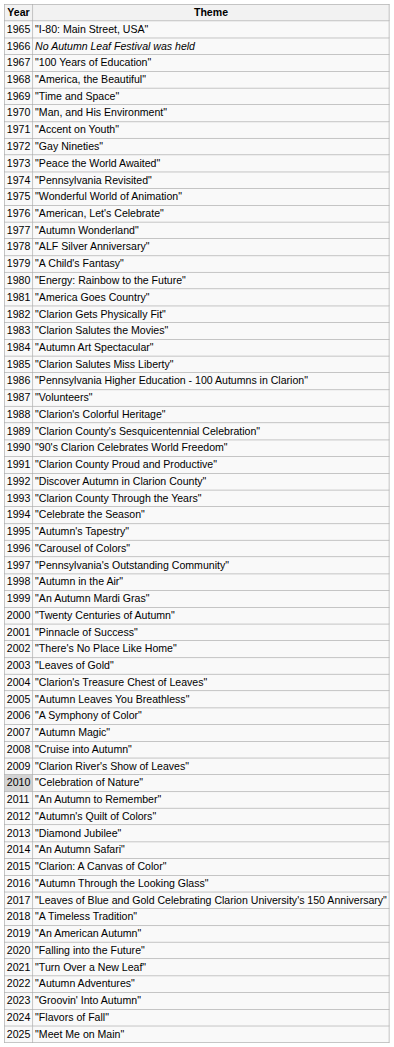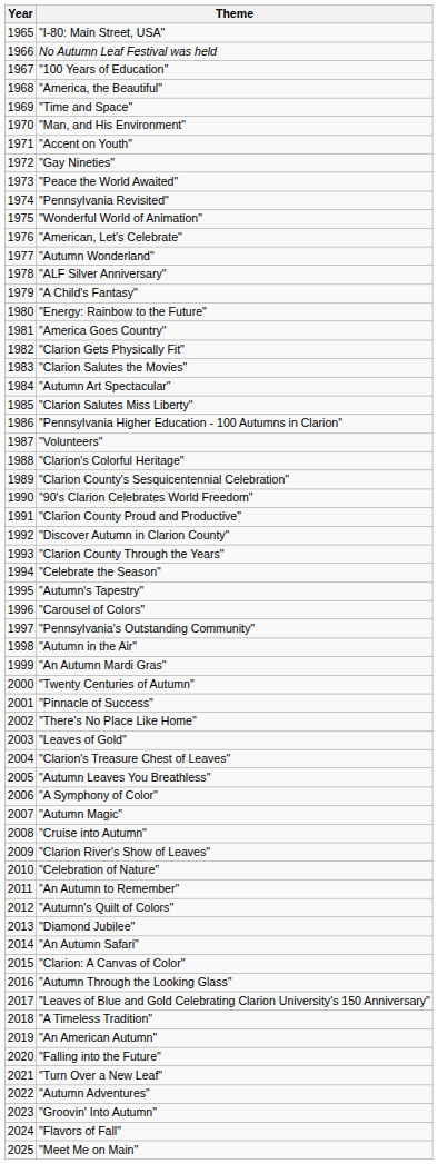 <table class="wikitable mw-collapsible mw-collapsed">
 <tr>
 <th>Year</th>
 <th>Theme</th>
 </tr>
 <tr>
 <td>1965</td>
 <td>"I-80: Main Street, USA"</td>
 </tr>
 <tr>
 <td>1966</td>
 <td><em>No Autumn Leaf Festival was held</em></td>
 </tr>
 <tr>
 <td>1967</td>
 <td>"100 Years of Education"</td>
 </tr>
 <tr>
 <td>1968</td>
 <td>"America, the Beautiful"</td>
 </tr>
 <tr>
 <td>1969</td>
 <td>"Time and Space"</td>
 </tr>
 <tr>
 <td>1970</td>
 <td>"Man, and His Environment"</td>
 </tr>
 <tr>
 <td>1971</td>
 <td>"Accent on Youth"</td>
 </tr>
 <tr>
 <td>1972</td>
 <td>"Gay Nineties"</td>
 </tr>
 <tr>
 <td>1973</td>
 <td>"Peace the World Awaited"</td>
 </tr>
 <tr>
 <td>1974</td>
 <td>"Pennsylvania Revisited"</td>
 </tr>
 <tr>
 <td>1975</td>
 <td>"Wonderful World of Animation"</td>
 </tr>
 <tr>
 <td>1976</td>
 <td>"American, Let's Celebrate"</td>
 </tr>
 <tr>
 <td>1977</td>
 <td>"Autumn Wonderland"</td>
 </tr>
 <tr>
 <td>1978</td>
 <td>"ALF Silver Anniversary"</td>
 </tr>
 <tr>
 <td>1979</td>
 <td>"A Child's Fantasy"</td>
 </tr>
 <tr>
 <td>1980</td>
 <td>"Energy: Rainbow to the Future"</td>
 </tr>
 <tr>
 <td>1981</td>
 <td>"America Goes Country"</td>
 </tr>
 <tr>
 <td>1982</td>
 <td>"Clarion Gets Physically Fit"</td>
 </tr>
 <tr>
 <td>1983</td>
 <td>"Clarion Salutes the Movies"</td>
 </tr>
 <tr>
 <td>1984</td>
 <td>"Autumn Art Spectacular"</td>
 </tr>
 <tr>
 <td>1985</td>
 <td>"Clarion Salutes Miss Liberty"</td>
 </tr>
 <tr>
 <td>1986</td>
 <td>"Pennsylvania Higher Education - 100 Autumns in Clarion"</td>
 </tr>
 <tr>
 <td>1987</td>
 <td>"Volunteers"</td>
 </tr>
 <tr>
 <td>1988</td>
 <td>"Clarion's Colorful Heritage"</td>
 </tr>
 <tr>
 <td>1989</td>
 <td>"Clarion County's Sesquicentennial Celebration"</td>
 </tr>
 <tr>
 <td>1990</td>
 <td>"90's Clarion Celebrates World Freedom"</td>
 </tr>
 <tr>
 <td>1991</td>
 <td>"Clarion County Proud and Productive"</td>
 </tr>
 <tr>
 <td>1992</td>
 <td>"Discover Autumn in Clarion County"</td>
 </tr>
 <tr>
 <td>1993</td>
 <td>"Clarion County Through the Years"</td>
 </tr>
 <tr>
 <td>1994</td>
 <td>"Celebrate the Season"</td>
 </tr>
 <tr>
 <td>1995</td>
 <td>"Autumn's Tapestry"</td>
 </tr>
 <tr>
 <td>1996</td>
 <td>"Carousel of Colors"</td>
 </tr>
 <tr>
 <td>1997</td>
 <td>"Pennsylvania's Outstanding Community"</td>
 </tr>
 <tr>
 <td>1998</td>
 <td>"Autumn in the Air"</td>
 </tr>
 <tr>
 <td>1999</td>
 <td>"An Autumn Mardi Gras"</td>
 </tr>
 <tr>
 <td>2000</td>
 <td>"Twenty Centuries of Autumn"</td>
 </tr>
 <tr>
 <td>2001</td>
 <td>"Pinnacle of Success"</td>
 </tr>
 <tr>
 <td>2002</td>
 <td>"There's No Place Like Home"</td>
 </tr>
 <tr>
 <td>2003</td>
 <td>"Leaves of Gold"</td>
 </tr>
 <tr>
 <td>2004</td>
 <td>"Clarion's Treasure Chest of Leaves"</td>
 </tr>
 <tr>
 <td>2005</td>
 <td>"Autumn Leaves You Breathless"</td>
 </tr>
 <tr>
 <td>2006</td>
 <td>"A Symphony of Color"</td>
 </tr>
 <tr>
 <td>2007</td>
 <td>"Autumn Magic"</td>
 </tr>
 <tr>
 <td>2008</td>
 <td>"Cruise into Autumn"</td>
 </tr>
 <tr>
 <td>2009</td>
 <td>"Clarion River's Show of Leaves"</td>
 </tr>
 <tr>
-<td style="background: lightgrey;">2010</td>
+<td>2010</td>
 <td>"Celebration of Nature"</td>
 </tr>
 <tr>
 <td>2011</td>
 <td>"An Autumn to Remember"</td>
 </tr>
 <tr>
 <td>2012</td>
 <td>"Autumn's Quilt of Colors"</td>
 </tr>
 <tr>
 <td>2013</td>
 <td>"Diamond Jubilee"</td>
 </tr>
 <tr>
 <td>2014</td>
 <td>"An Autumn Safari"</td>
 </tr>
 <tr>
 <td>2015</td>
 <td>"Clarion: A Canvas of Color"</td>
 </tr>
 <tr>
 <td>2016</td>
 <td>"Autumn Through the Looking Glass"</td>
 </tr>
 <tr>
 <td>2017</td>
 <td>"Leaves of Blue and Gold Celebrating Clarion University's 150 Anniversary"</td>
 </tr>
 <tr>
 <td>2018</td>
 <td>"A Timeless Tradition"</td>
 </tr>
 <tr>
 <td 20>2019</td>
 <td>"An American Autumn"</td>
 </tr>
 <tr>
 <td 20>2020</td>
 <td>"Falling into the Future"</td>
 </tr>
 <tr>
 <td>2021</td>
 <td>"Turn Over a New Leaf"</td>
 </tr>
 <tr>
 <td>2022</td>
 <td>"Autumn Adventures"</td>
 </tr>
 <tr>
 <td>2023</td>
 <td>"Groovin' Into Autumn"</td>
 </tr>
 <tr>
 <td>2024</td>
 <td>"Flavors of Fall"</td>
 </tr>
 <tr>
 <td>2025</td>
 <td>"Meet Me on Main"</td>
 </tr>
 </table>
